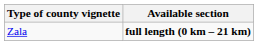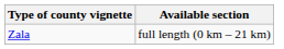 <table class="wikitable">
 <tr>
 <th>Type of county vignette</th>
 <th>Available section</th>
 </tr>
 <tr>
 <td><a href='#'>Zala</a></td>
-<td><strong>full length (0 km – 21 km)</strong></td>
+<td>full length (0 km – 21 km)</td>
 </tr>
 </table>
